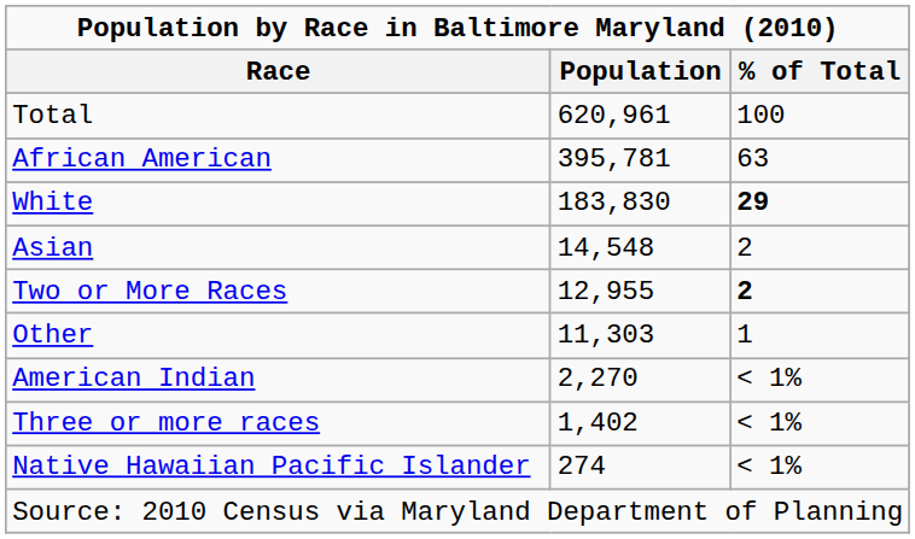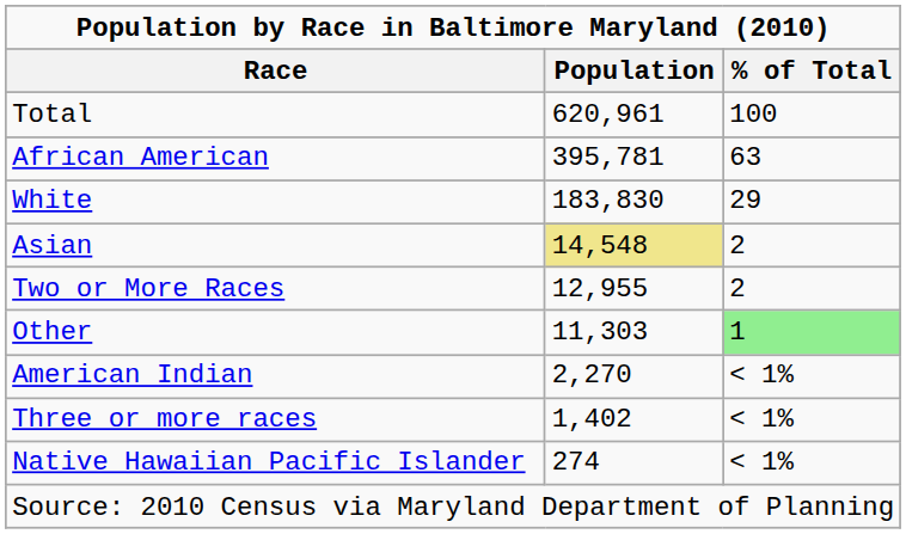 <table class="wikitable sortable">
 <tr>
 <td colspan="3" style="text-align:center;"><strong>Population by Race in Baltimore Maryland (2010)</strong></td>
 </tr>
 <tr>
 <th>Race</th>
 <th>Population</th>
 <th>% of Total</th>
 </tr>
 <tr>
 <td>Total</td>
 <td>620,961</td>
 <td>100</td>
 </tr>
 <tr>
 <td><a href='#'>African American</a></td>
 <td>395,781</td>
 <td>63</td>
 </tr>
 <tr>
 <td><a href='#'>White</a></td>
 <td>183,830</td>
-<td><strong>29</strong></td>
+<td>29</td>
 </tr>
 <tr>
 <td><a href='#'>Asian</a></td>
-<td>14,548</td>
+<td style="background: khaki;">14,548</td>
 <td>2</td>
 </tr>
 <tr>
 <td><a href='#'>Two or More Races</a></td>
 <td>12,955</td>
-<td><strong>2</strong></td>
+<td>2</td>
 </tr>
 <tr>
 <td><a href='#'>Other</a></td>
 <td>11,303</td>
-<td>1</td>
+<td style="background: lightgreen;">1</td>
 </tr>
 <tr>
 <td><a href='#'>American Indian</a></td>
 <td>2,270</td>
 <td>< 1%</td>
 </tr>
 <tr>
 <td><a href='#'>Three or more races</a></td>
 <td>1,402</td>
 <td>< 1%</td>
 </tr>
 <tr>
 <td><a href='#'>Native Hawaiian Pacific Islander</a></td>
 <td>274</td>
 <td>< 1%</td>
 </tr>
 <tr>
 <td colspan="3">Source: 2010 Census via Maryland Department of Planning</td>
 </tr>
 </table>
